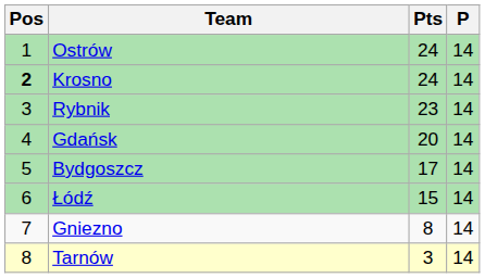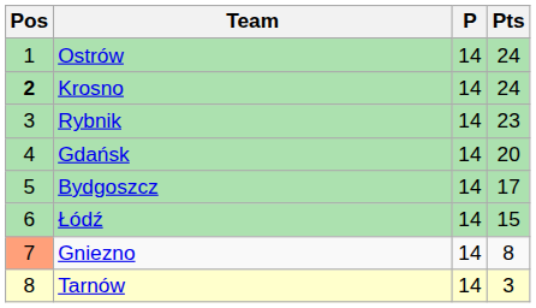 <table class="wikitable" style="font-size: 100%">
 <tr>
 <th width=20>Pos</th>
 <th width=300>Team</th>
+<th width=20>P</th>
 <th width=20>Pts</th>
-<th width=20>P</th>
 </tr>
 <tr align=center style="background:#ACE1AF;">
 <td>1</td>
 <td align="left"><a href='#'>Ostrów</a></td>
+<td>14</td>
 <td>24</td>
-<td>14</td>
 </tr>
 <tr align=center style="background:#ACE1AF;">
 <td><strong>2</strong></td>
 <td align="left"><a href='#'>Krosno</a></td>
+<td>14</td>
 <td>24</td>
-<td>14</td>
 </tr>
 <tr align=center style="background:#ACE1AF;">
 <td>3</td>
 <td align="left"><a href='#'>Rybnik</a></td>
+<td>14</td>
 <td>23</td>
-<td>14</td>
 </tr>
 <tr align=center style="background:#ACE1AF;">
 <td>4</td>
 <td align="left"><a href='#'>Gdańsk</a></td>
+<td>14</td>
 <td>20</td>
-<td>14</td>
 </tr>
 <tr align=center style="background:#ACE1AF;">
 <td>5</td>
 <td align="left"><a href='#'>Bydgoszcz</a></td>
+<td>14</td>
 <td>17</td>
-<td>14</td>
 </tr>
 <tr align=center style="background:#ACE1AF;">
 <td>6</td>
 <td align="left"><a href='#'>Łódź</a></td>
+<td>14</td>
 <td>15</td>
-<td>14</td>
 </tr>
 <tr align=center>
-<td>7</td>
+<td style="background: lightsalmon;">7</td>
 <td align="left"><a href='#'>Gniezno</a></td>
+<td>14</td>
 <td>8</td>
-<td>14</td>
 </tr>
 <tr align=center style="background: #ffffcc;">
 <td>8</td>
 <td align="left"><a href='#'>Tarnów</a></td>
+<td>14</td>
 <td>3</td>
-<td>14</td>
 </tr>
 </table>
